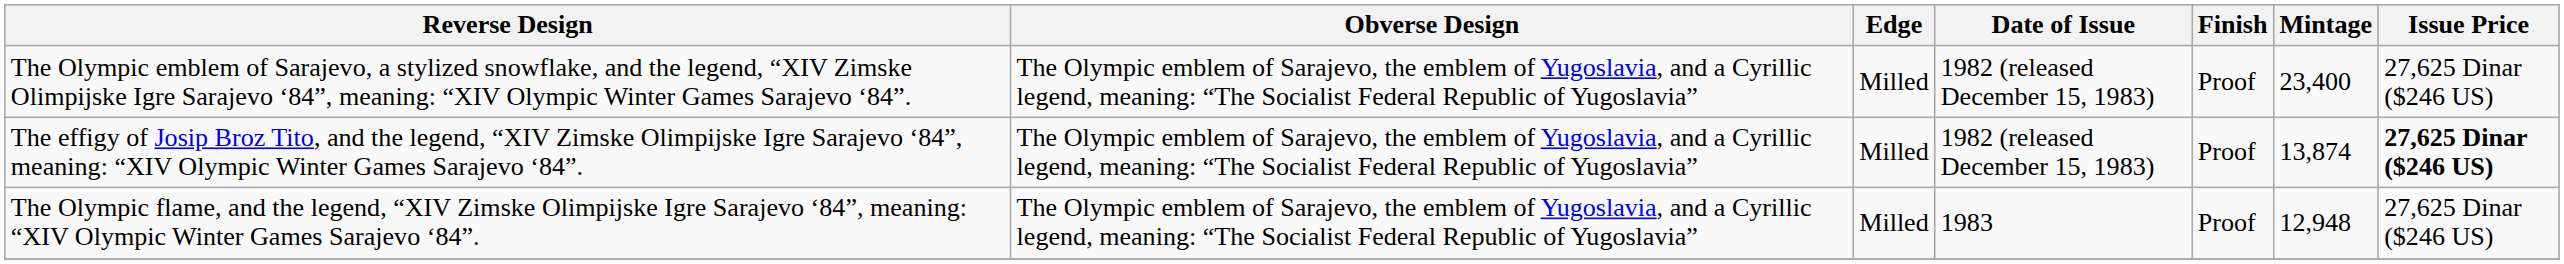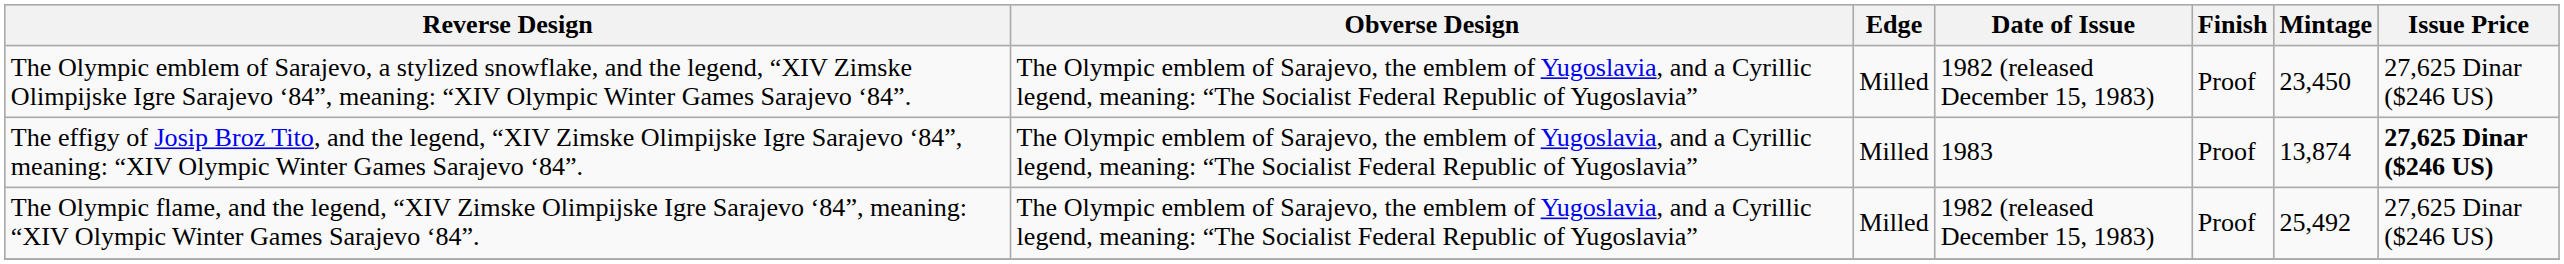 <table class="wikitable">
 <tr>
 <th>Reverse Design</th>
 <th>Obverse Design</th>
 <th>Edge</th>
 <th>Date of Issue</th>
 <th>Finish</th>
 <th>Mintage</th>
 <th>Issue Price</th>
 </tr>
 <tr>
 <td>The Olympic emblem of Sarajevo, a stylized snowflake, and the legend, “XIV Zimske Olimpijske Igre Sarajevo ‘84”, meaning: “XIV Olympic Winter Games Sarajevo ‘84”.</td>
 <td>The Olympic emblem of Sarajevo, the emblem of <a href='#'>Yugoslavia</a>, and a Cyrillic legend, meaning: “The Socialist Federal Republic of Yugoslavia”</td>
 <td>Milled</td>
 <td>1982 (released December 15, 1983)</td>
 <td>Proof</td>
-<td>23,400</td>
+<td>23,450</td>
 <td>27,625 Dinar ($246 US)</td>
 </tr>
 <tr>
 <td>The effigy of <a href='#'>Josip Broz Tito</a>, and the legend, “XIV Zimske Olimpijske Igre Sarajevo ‘84”, meaning: “XIV Olympic Winter Games Sarajevo ‘84”.</td>
 <td>The Olympic emblem of Sarajevo, the emblem of <a href='#'>Yugoslavia</a>, and a Cyrillic legend, meaning: “The Socialist Federal Republic of Yugoslavia”</td>
 <td>Milled</td>
-<td>1982 (released December 15, 1983)</td>
+<td>1983</td>
 <td>Proof</td>
 <td>13,874</td>
 <td><strong>27,625 Dinar ($246 US)</strong></td>
 </tr>
 <tr>
 <td>The Olympic flame, and the legend, “XIV Zimske Olimpijske Igre Sarajevo ‘84”, meaning: “XIV Olympic Winter Games Sarajevo ‘84”.</td>
 <td>The Olympic emblem of Sarajevo, the emblem of <a href='#'>Yugoslavia</a>, and a Cyrillic legend, meaning: “The Socialist Federal Republic of Yugoslavia”</td>
 <td>Milled</td>
-<td>1983</td>
+<td>1982 (released December 15, 1983)</td>
 <td>Proof</td>
-<td>12,948</td>
+<td>25,492</td>
 <td>27,625 Dinar ($246 US)</td>
 </tr>
 <tr>
 </tr>
 </table>
